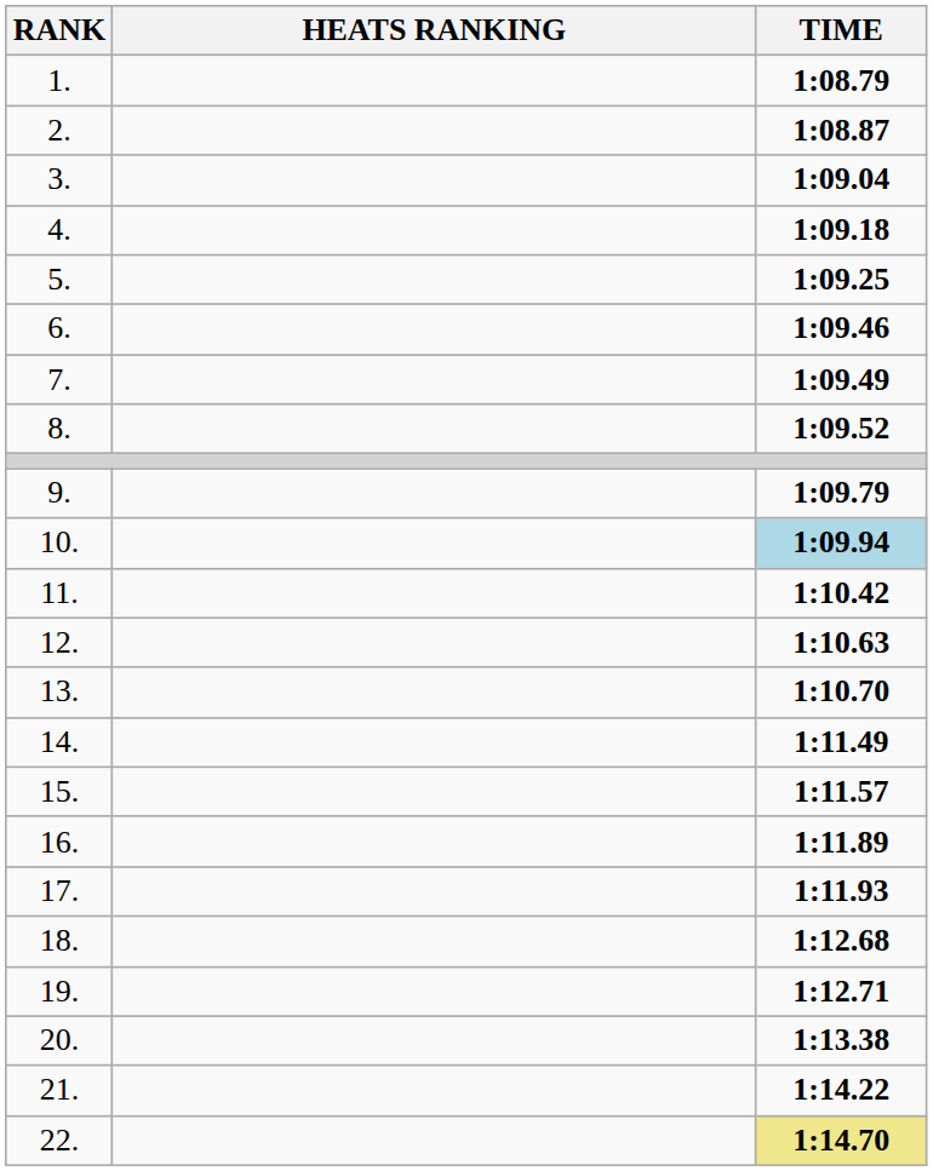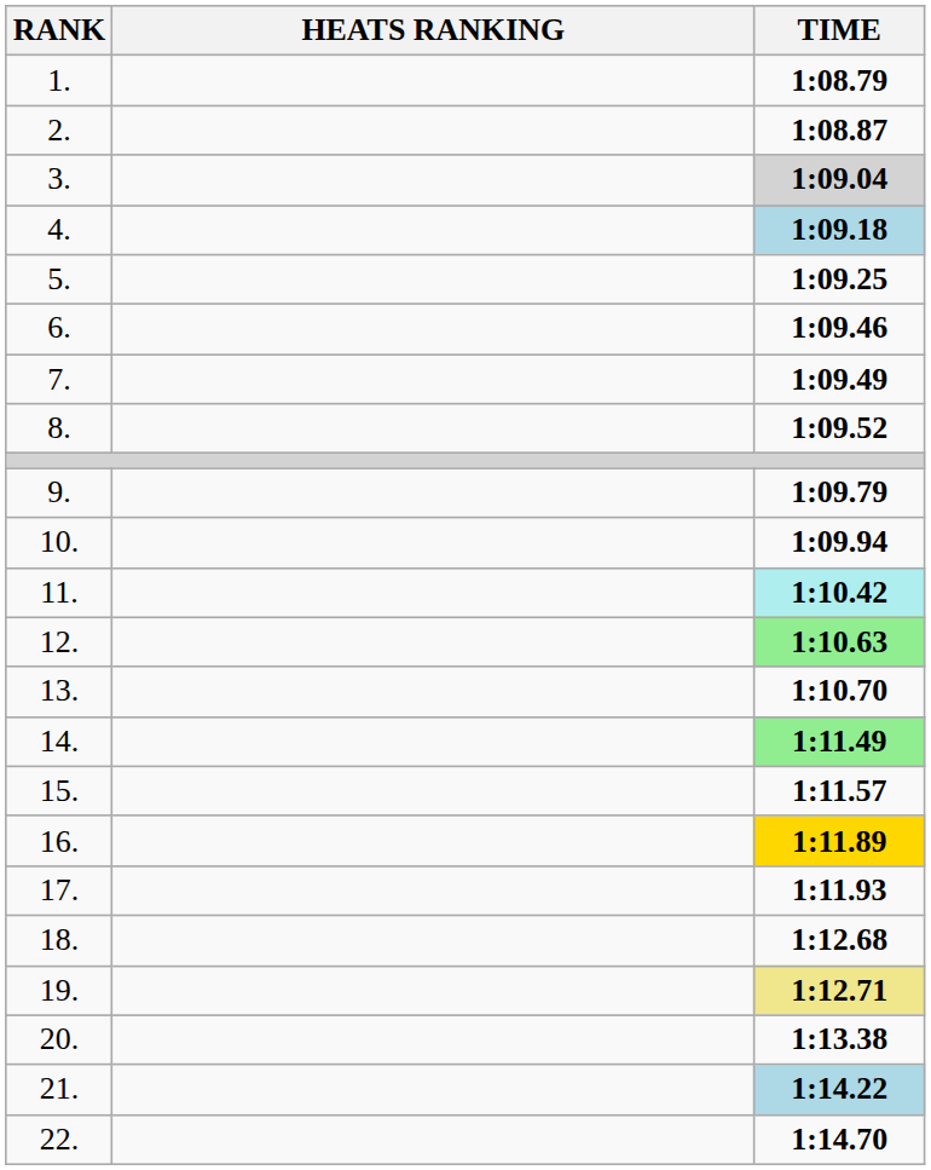 <table class="wikitable">
 <tr>
 <th>RANK</th>
 <th style="width: 20em">HEATS RANKING</th>
 <th style="width: 5em">TIME</th>
 </tr>
 <tr>
 <td align="center">1.</td>
 <td></td>
 <td align="center"><strong>1:08.79 </strong></td>
 </tr>
 <tr>
 <td align="center">2.</td>
 <td></td>
 <td align="center"><strong>1:08.87 </strong></td>
 </tr>
 <tr>
 <td align="center">3.</td>
 <td></td>
-<td align="center"><strong>1:09.04 </strong></td>
+<td align="center" style="background: lightgrey;"><strong>1:09.04 </strong></td>
 </tr>
 <tr>
 <td align="center">4.</td>
 <td></td>
-<td align="center"><strong>1:09.18 </strong></td>
+<td align="center" style="background: lightblue;"><strong>1:09.18 </strong></td>
 </tr>
 <tr>
 <td align="center">5.</td>
 <td></td>
 <td align="center"><strong>1:09.25 </strong></td>
 </tr>
 <tr>
 <td align="center">6.</td>
 <td></td>
 <td align="center"><strong>1:09.46 </strong></td>
 </tr>
 <tr>
 <td align="center">7.</td>
 <td></td>
 <td align="center"><strong>1:09.49 </strong></td>
 </tr>
 <tr>
 <td align="center">8.</td>
 <td></td>
 <td align="center"><strong>1:09.52</strong></td>
 </tr>
 <tr>
 <td colspan=3 bgcolor=lightgray></td>
 </tr>
 <tr>
 <td align="center">9.</td>
 <td></td>
 <td align="center"><strong>1:09.79</strong></td>
 </tr>
 <tr>
 <td align="center">10.</td>
 <td></td>
-<td align="center" style="background: lightblue;"><strong>1:09.94</strong></td>
+<td align="center"><strong>1:09.94</strong></td>
 </tr>
 <tr>
 <td align="center">11.</td>
 <td></td>
-<td align="center"><strong>1:10.42</strong></td>
+<td align="center" style="background: paleturquoise;"><strong>1:10.42</strong></td>
 </tr>
 <tr>
 <td align="center">12.</td>
 <td></td>
-<td align="center"><strong>1:10.63</strong></td>
+<td align="center" style="background: lightgreen;"><strong>1:10.63</strong></td>
 </tr>
 <tr>
 <td align="center">13.</td>
 <td></td>
 <td align="center"><strong>1:10.70</strong></td>
 </tr>
 <tr>
 <td align="center">14.</td>
 <td></td>
-<td align="center"><strong>1:11.49</strong></td>
+<td align="center" style="background: lightgreen;"><strong>1:11.49</strong></td>
 </tr>
 <tr>
 <td align="center">15.</td>
 <td></td>
 <td align="center"><strong>1:11.57</strong></td>
 </tr>
 <tr>
 <td align="center">16.</td>
 <td></td>
-<td align="center"><strong>1:11.89</strong></td>
+<td align="center" style="background: gold;"><strong>1:11.89</strong></td>
 </tr>
 <tr>
 <td align="center">17.</td>
 <td></td>
 <td align="center"><strong>1:11.93</strong></td>
 </tr>
 <tr>
 <td align="center">18.</td>
 <td></td>
 <td align="center"><strong>1:12.68</strong></td>
 </tr>
 <tr>
 <td align="center">19.</td>
 <td></td>
-<td align="center"><strong>1:12.71</strong></td>
+<td align="center" style="background: khaki;"><strong>1:12.71</strong></td>
 </tr>
 <tr>
 <td align="center">20.</td>
 <td></td>
 <td align="center"><strong>1:13.38</strong></td>
 </tr>
 <tr>
 <td align="center">21.</td>
 <td></td>
-<td align="center"><strong>1:14.22</strong></td>
+<td align="center" style="background: lightblue;"><strong>1:14.22</strong></td>
 </tr>
 <tr>
 <td align="center">22.</td>
 <td></td>
-<td align="center" style="background: khaki;"><strong>1:14.70</strong></td>
+<td align="center"><strong>1:14.70</strong></td>
 </tr>
 </table>
